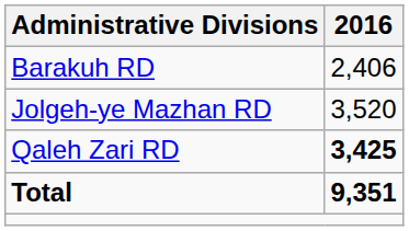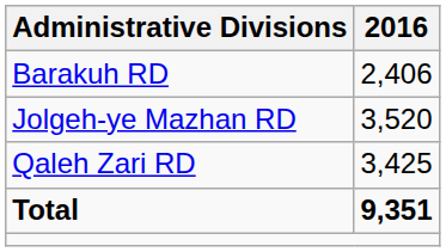 <table class="wikitable">
 <tr>
 <th>Administrative Divisions</th>
 <th>2016</th>
 </tr>
 <tr>
 <td><a href='#'>Barakuh RD</a></td>
 <td style="text-align: right;">2,406</td>
 </tr>
 <tr>
 <td><a href='#'>Jolgeh-ye Mazhan RD</a></td>
 <td style="text-align: right;">3,520</td>
 </tr>
 <tr>
 <td><a href='#'>Qaleh Zari RD</a></td>
-<td style="text-align: right;"><strong>3,425</strong></td>
+<td style="text-align: right;">3,425</td>
 </tr>
 <tr>
 <td><strong>Total</strong></td>
 <td style="text-align: right;"><strong>9,351</strong></td>
 </tr>
 <tr>
 <td colspan=2></td>
 </tr>
 </table>
